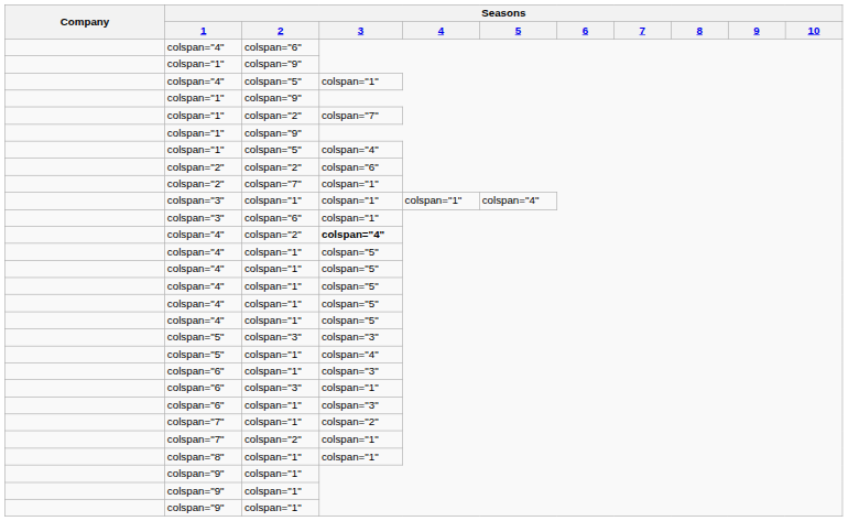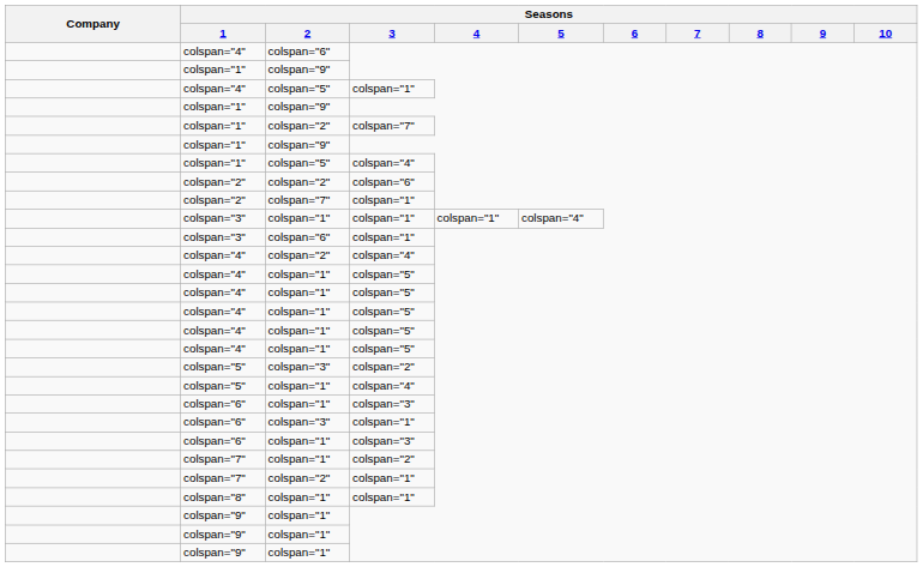 <table class="wikitable sortable"; width:81%;">
 <tr>
 <th scope="col" rowspan="2" style="width:14%;">Company</th>
 <th scope="col" colspan="10" style="width:35%;">Seasons</th>
 </tr>
 <tr>
 <th class="unsortable" scope="col" style="width:5%;"><a href='#'>1</a></th>
 <th class="unsortable" scope="col" style="width:5%;"><a href='#'>2</a></th>
 <th class="unsortable" scope="col" style="width:5%;"><a href='#'>3</a></th>
 <th class="unsortable" scope="col" style="width:5%;"><a href='#'>4</a></th>
 <th class="unsortable" scope="col" style="width:5%;"><a href='#'>5</a></th>
 <th class="unsortable" scope="col" style="width:5%;"><a href='#'>6</a></th>
 <th class="unsortable" scope="col" style="width:5%;"><a href='#'>7</a></th>
 <th class="unsortable" scope="col" style="width:5%;"><a href='#'>8</a></th>
 <th class="unsortable" scope="col" style="width:5%;"><a href='#'>9</a></th>
 <th class="unsortable" scope="col" style="width:5%;"><a href='#'>10</a></th>
 </tr>
 <tr>
 <td></td>
 <td>colspan="4" </td>
 <td>colspan="6" </td>
 </tr>
 <tr>
 <td></td>
 <td>colspan="1" </td>
 <td>colspan="9" </td>
 </tr>
 <tr>
 <td></td>
 <td>colspan="4" </td>
 <td>colspan="5" </td>
 <td>colspan="1" </td>
 </tr>
 <tr>
 <td></td>
 <td>colspan="1" </td>
 <td>colspan="9" </td>
 </tr>
 <tr>
 <td></td>
 <td>colspan="1" </td>
 <td>colspan="2" </td>
 <td>colspan="7" </td>
 </tr>
 <tr>
 <td></td>
 <td>colspan="1" </td>
 <td>colspan="9" </td>
 </tr>
 <tr>
 <td></td>
 <td>colspan="1" </td>
 <td>colspan="5" </td>
 <td>colspan="4" </td>
 </tr>
 <tr>
 <td></td>
 <td>colspan="2" </td>
 <td>colspan="2" </td>
 <td>colspan="6" </td>
 </tr>
 <tr>
 <td></td>
 <td>colspan="2" </td>
 <td>colspan="7" </td>
 <td>colspan="1" </td>
 </tr>
 <tr>
 <td></td>
 <td>colspan="3" </td>
 <td>colspan="1" </td>
 <td>colspan="1" </td>
 <td>colspan="1" </td>
 <td>colspan="4" </td>
 </tr>
 <tr>
 <td></td>
 <td>colspan="3" </td>
 <td>colspan="6" </td>
 <td>colspan="1" </td>
 </tr>
 <tr>
 <td></td>
 <td>colspan="4" </td>
 <td>colspan="2" </td>
-<td><strong>colspan="4" </strong></td>
+<td>colspan="4" </td>
 </tr>
 <tr>
 <td></td>
 <td>colspan="4" </td>
 <td>colspan="1" </td>
 <td>colspan="5" </td>
 </tr>
 <tr>
 <td></td>
 <td>colspan="4" </td>
 <td>colspan="1" </td>
 <td>colspan="5" </td>
 </tr>
 <tr>
 <td></td>
 <td>colspan="4" </td>
 <td>colspan="1" </td>
 <td>colspan="5" </td>
 </tr>
 <tr>
 <td></td>
 <td>colspan="4" </td>
 <td>colspan="1" </td>
 <td>colspan="5" </td>
 </tr>
 <tr>
 <td></td>
 <td>colspan="4" </td>
 <td>colspan="1" </td>
 <td>colspan="5" </td>
 </tr>
 <tr>
 <td></td>
 <td>colspan="5" </td>
 <td>colspan="3" </td>
-<td>colspan="3" </td>
+<td>colspan="2" </td>
 </tr>
 <tr>
 <td></td>
 <td>colspan="5" </td>
 <td>colspan="1" </td>
 <td>colspan="4" </td>
 </tr>
 <tr>
 <td></td>
 <td>colspan="6" </td>
 <td>colspan="1" </td>
 <td>colspan="3" </td>
 </tr>
 <tr>
 <td></td>
 <td>colspan="6" </td>
 <td>colspan="3" </td>
 <td>colspan="1" </td>
 </tr>
 <tr>
 <td></td>
 <td>colspan="6" </td>
 <td>colspan="1" </td>
 <td>colspan="3" </td>
 </tr>
 <tr>
 <td></td>
 <td>colspan="7" </td>
 <td>colspan="1" </td>
 <td>colspan="2" </td>
 </tr>
 <tr>
 <td></td>
 <td>colspan="7" </td>
 <td>colspan="2" </td>
 <td>colspan="1" </td>
 </tr>
 <tr>
 <td></td>
 <td>colspan="8" </td>
 <td>colspan="1" </td>
 <td>colspan="1" </td>
 </tr>
 <tr>
 <td></td>
 <td>colspan="9" </td>
 <td>colspan="1" </td>
 </tr>
 <tr>
 <td></td>
 <td>colspan="9" </td>
 <td>colspan="1" </td>
 </tr>
 <tr>
 <td></td>
 <td>colspan="9" </td>
 <td>colspan="1" </td>
 </tr>
 </table>
